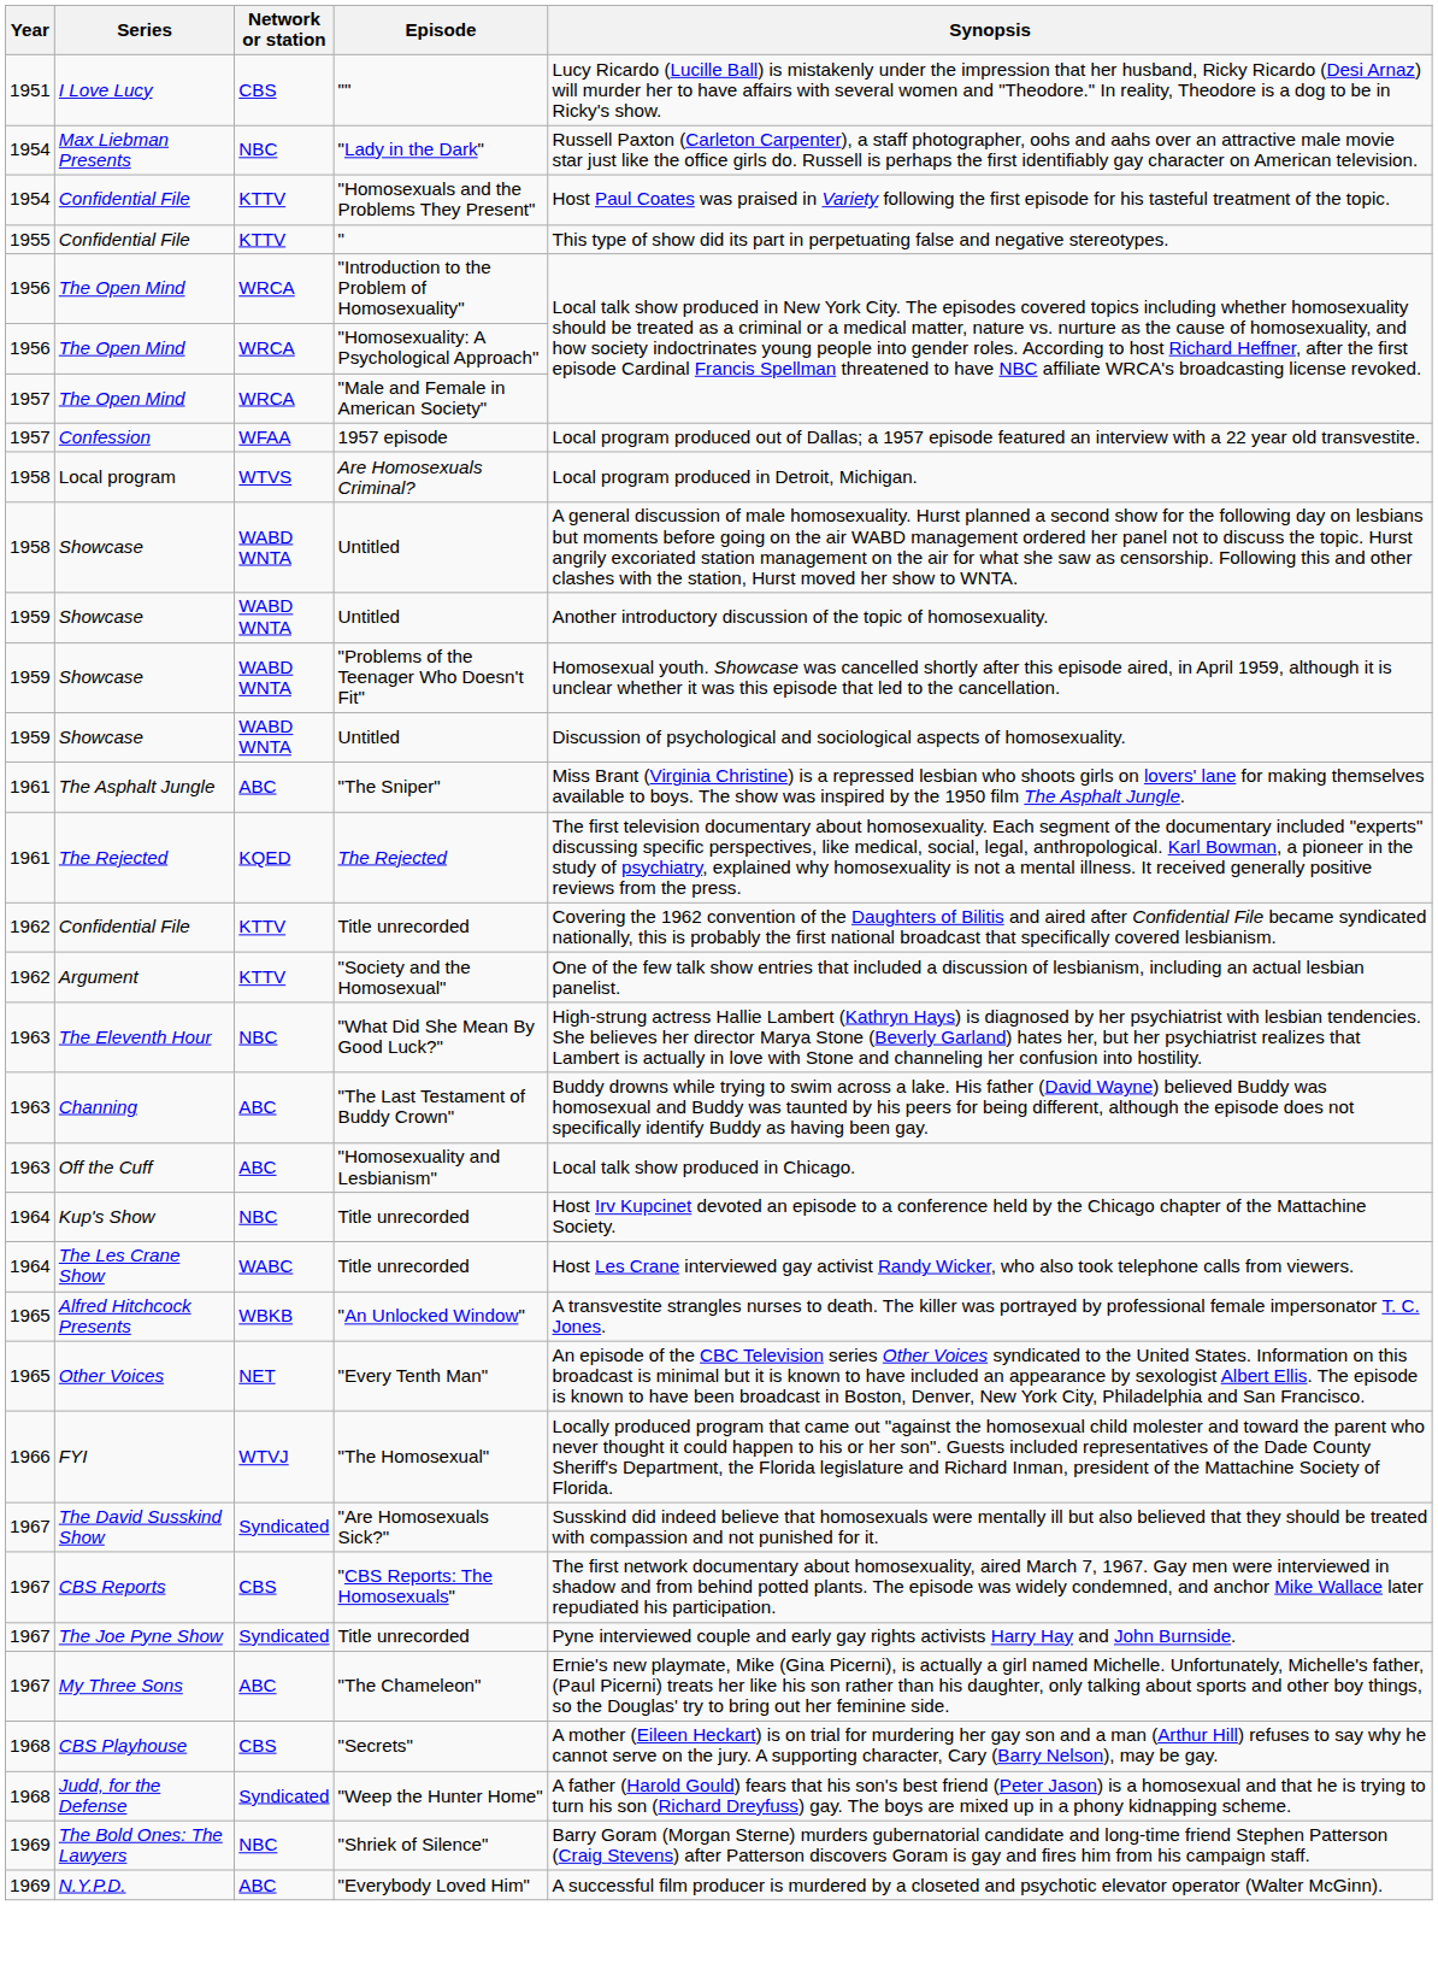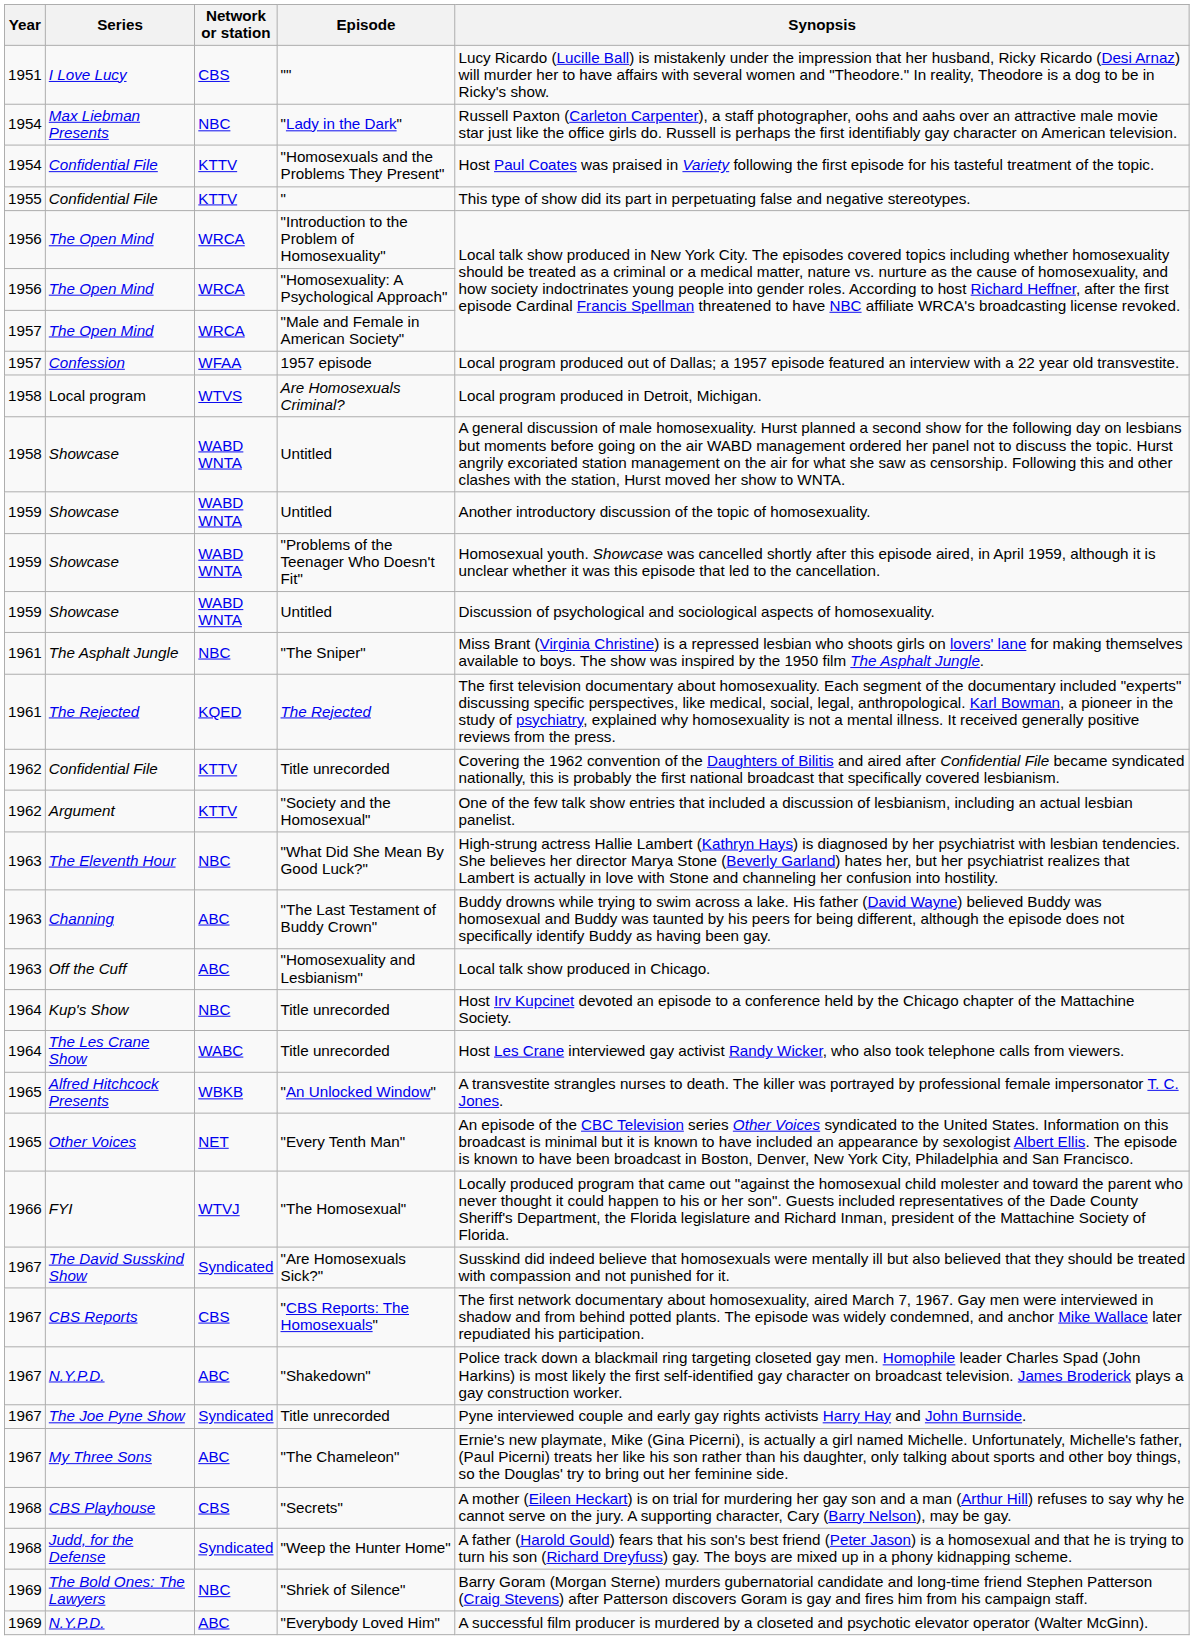 <table class="sortable wikitable" style="margins:auto; width=95%;">
 <tr>
 <th width="30">Year</th>
 <th width="150">Series</th>
 <th width="60">Network <br> or station</th>
 <th width="180">Episode</th>
 <th class="unsortable">Synopsis</th>
 </tr>
 <tr>
 <td align=center>1951</td>
 <td><em><a href='#'>I Love Lucy</a></em></td>
 <td><a href='#'>CBS</a></td>
 <td>""</td>
 <td>Lucy Ricardo (<a href='#'>Lucille Ball</a>) is mistakenly under the impression that her husband, Ricky Ricardo (<a href='#'>Desi Arnaz</a>) will murder her to have affairs with several women and "Theodore." In reality, Theodore is a dog to be in Ricky's show.</td>
 </tr>
 <tr>
 <td align=center>1954</td>
 <td><em><a href='#'>Max Liebman Presents</a></em></td>
 <td><a href='#'>NBC</a></td>
 <td>"<a href='#'>Lady in the Dark</a>"</td>
 <td>Russell Paxton (<a href='#'>Carleton Carpenter</a>), a staff photographer, oohs and aahs over an attractive male movie star just like the office girls do. Russell is perhaps the first identifiably gay character on American television.</td>
 </tr>
 <tr>
 <td align=center>1954</td>
 <td><em><a href='#'>Confidential File</a></em></td>
 <td><a href='#'>KTTV</a></td>
 <td>"Homosexuals and the Problems They Present"</td>
 <td>Host <a href='#'>Paul Coates</a> was praised in <em><a href='#'>Variety</a></em> following the first episode for his tasteful treatment of the topic.</td>
 </tr>
 <tr>
 <td align=center>1955</td>
 <td><em>Confidential File</em></td>
 <td><a href='#'>KTTV</a></td>
 <td>"</td>
 <td>This type of show did its part in perpetuating false and negative stereotypes.</td>
 </tr>
 <tr>
 <td align=center>1956</td>
 <td><em><a href='#'>The Open Mind</a></em></td>
 <td><a href='#'>WRCA</a></td>
 <td>"Introduction to the Problem of Homosexuality"</td>
 <td rowspan="3">Local talk show produced in New York City. The episodes covered topics including whether homosexuality should be treated as a criminal or a medical matter, nature vs. nurture as the cause of homosexuality, and how society indoctrinates young people into gender roles. According to host <a href='#'>Richard Heffner</a>, after the first episode Cardinal <a href='#'>Francis Spellman</a> threatened to have <a href='#'>NBC</a> affiliate WRCA's broadcasting license revoked.</td>
 </tr>
 <tr>
 <td align=center>1956</td>
 <td><em><a href='#'>The Open Mind</a></em></td>
 <td><a href='#'>WRCA</a></td>
 <td>"Homosexuality: A Psychological Approach"</td>
 </tr>
 <tr>
 <td align=center>1957</td>
 <td><em><a href='#'>The Open Mind</a></em></td>
 <td><a href='#'>WRCA</a></td>
 <td>"Male and Female in American Society"</td>
 </tr>
 <tr>
 <td align=center>1957</td>
 <td><em><a href='#'>Confession</a></em></td>
 <td><a href='#'>WFAA</a></td>
 <td>1957 episode</td>
 <td>Local program produced out of Dallas; a 1957 episode featured an interview with a 22 year old transvestite.</td>
 </tr>
 <tr>
 <td align=center>1958</td>
 <td>Local program</td>
 <td><a href='#'>WTVS</a></td>
 <td><em>Are Homosexuals Criminal?</em></td>
 <td>Local program produced in Detroit, Michigan.</td>
 </tr>
 <tr>
 <td align=center>1958</td>
 <td><em>Showcase</em></td>
 <td><a href='#'>WABD</a> <br> <a href='#'>WNTA</a></td>
 <td>Untitled</td>
 <td>A general discussion of male homosexuality. Hurst planned a second show for the following day on lesbians but moments before going on the air WABD management ordered her panel not to discuss the topic. Hurst angrily excoriated station management on the air for what she saw as censorship. Following this and other clashes with the station, Hurst moved her show to WNTA.</td>
 </tr>
 <tr>
 <td align=center>1959</td>
 <td><em>Showcase</em></td>
 <td><a href='#'>WABD</a> <br> <a href='#'>WNTA</a></td>
 <td>Untitled</td>
 <td>Another introductory discussion of the topic of homosexuality.</td>
 </tr>
 <tr>
 <td align=center>1959</td>
 <td><em>Showcase</em></td>
 <td><a href='#'>WABD</a> <br> <a href='#'>WNTA</a></td>
 <td>"Problems of the Teenager Who Doesn't Fit"</td>
 <td>Homosexual youth. <em>Showcase</em> was cancelled shortly after this episode aired, in April 1959, although it is unclear whether it was this episode that led to the cancellation.</td>
 </tr>
 <tr>
 <td align=center>1959</td>
 <td><em>Showcase</em></td>
 <td><a href='#'>WABD</a> <br> <a href='#'>WNTA</a></td>
 <td>Untitled</td>
 <td>Discussion of psychological and sociological aspects of homosexuality.</td>
 </tr>
 <tr>
 <td align=center>1961</td>
 <td><em>The Asphalt Jungle</em></td>
-<td><a href='#'>ABC</a></td>
+<td><a href='#'>NBC</a></td>
 <td>"The Sniper"</td>
 <td>Miss Brant (<a href='#'>Virginia Christine</a>) is a repressed lesbian who shoots girls on <a href='#'>lovers' lane</a> for making themselves available to boys.  The show was inspired by the 1950 film <em><a href='#'>The Asphalt Jungle</a></em>.</td>
 </tr>
 <tr>
 <td align=center>1961</td>
 <td><em><a href='#'>The Rejected</a></em></td>
 <td><a href='#'>KQED</a></td>
 <td><em><a href='#'>The Rejected</a></em></td>
 <td>The first television documentary about homosexuality. Each segment of the documentary included "experts" discussing specific perspectives, like medical, social, legal, anthropological. <a href='#'>Karl Bowman</a>, a pioneer in the study of <a href='#'>psychiatry</a>, explained why homosexuality is not a mental illness. It received generally positive reviews from the press.</td>
 </tr>
 <tr>
 <td align=center>1962</td>
 <td><em>Confidential File</em></td>
 <td><a href='#'>KTTV</a></td>
 <td>Title unrecorded</td>
 <td>Covering the 1962 convention of the <a href='#'>Daughters of Bilitis</a> and aired after <em>Confidential File</em> became syndicated nationally, this is probably the first national broadcast that specifically covered lesbianism.</td>
 </tr>
 <tr>
 <td align=center>1962</td>
 <td><em>Argument</em></td>
 <td><a href='#'>KTTV</a></td>
 <td>"Society and the Homosexual"</td>
 <td>One of the few talk show entries that included a discussion of lesbianism, including an actual lesbian panelist.</td>
 </tr>
 <tr>
 <td align=center>1963</td>
 <td><em><a href='#'>The Eleventh Hour</a></em></td>
 <td><a href='#'>NBC</a></td>
 <td>"What Did She Mean By Good Luck?"</td>
 <td>High-strung actress Hallie Lambert (<a href='#'>Kathryn Hays</a>) is diagnosed by her psychiatrist with lesbian tendencies. She believes her director Marya Stone (<a href='#'>Beverly Garland</a>) hates her, but her psychiatrist realizes that Lambert is actually in love with Stone and channeling her confusion into hostility.</td>
 </tr>
 <tr>
 <td align=center>1963</td>
 <td><em><a href='#'>Channing</a></em></td>
 <td><a href='#'>ABC</a></td>
 <td>"The Last Testament of Buddy Crown"</td>
 <td>Buddy drowns while trying to swim across a lake. His father (<a href='#'>David Wayne</a>) believed Buddy was homosexual and Buddy was taunted by his peers for being different, although the episode does not specifically identify Buddy as having been gay.</td>
 </tr>
 <tr>
 <td align=center>1963</td>
 <td><em>Off the Cuff</em></td>
 <td><a href='#'>ABC</a></td>
 <td>"Homosexuality and Lesbianism"</td>
 <td>Local talk show produced in Chicago.</td>
 </tr>
 <tr>
 <td align=center>1964</td>
 <td><em>Kup's Show</em></td>
 <td><a href='#'>NBC</a></td>
 <td>Title unrecorded</td>
 <td>Host <a href='#'>Irv Kupcinet</a> devoted an episode to a conference held by the Chicago chapter of the Mattachine Society.</td>
 </tr>
 <tr>
 <td align=center>1964</td>
 <td><em><a href='#'>The Les Crane Show</a></em></td>
 <td><a href='#'>WABC</a></td>
 <td>Title unrecorded</td>
 <td>Host <a href='#'>Les Crane</a> interviewed gay activist <a href='#'>Randy Wicker</a>, who also took telephone calls from viewers.</td>
 </tr>
 <tr>
 <td align=center>1965</td>
 <td><em><a href='#'>Alfred Hitchcock Presents</a></em></td>
 <td><a href='#'>WBKB</a></td>
 <td>"<a href='#'>An Unlocked Window</a>"</td>
 <td>A transvestite strangles nurses to death. The killer was portrayed by professional female impersonator <a href='#'>T. C. Jones</a>.</td>
 </tr>
 <tr>
 <td align=center>1965</td>
 <td><em><a href='#'>Other Voices</a></em></td>
 <td><a href='#'>NET</a></td>
 <td>"Every Tenth Man"</td>
 <td>An episode of the <a href='#'>CBC Television</a> series <em><a href='#'>Other Voices</a></em> syndicated to the United States. Information on this broadcast is minimal but it is known to have included an appearance by sexologist <a href='#'>Albert Ellis</a>. The episode is known to have been broadcast in Boston, Denver, New York City, Philadelphia and San Francisco.</td>
 </tr>
 <tr>
 <td align=center>1966</td>
 <td><em>FYI</em></td>
 <td><a href='#'>WTVJ</a></td>
 <td>"The Homosexual"</td>
 <td>Locally produced program that came out "against the homosexual child molester and toward the parent who never thought it could happen to his or her son". Guests included representatives of the Dade County Sheriff's Department, the Florida legislature and Richard Inman, president of the Mattachine Society of Florida.</td>
 </tr>
 <tr>
 <td align=center>1967</td>
 <td><em><a href='#'>The David Susskind Show</a></em></td>
 <td><a href='#'>Syndicated</a></td>
 <td>"Are Homosexuals Sick?"</td>
 <td>Susskind did indeed believe that homosexuals were mentally ill but also believed that they should be treated with compassion and not punished for it.</td>
 </tr>
 <tr>
 <td align=center>1967</td>
 <td><em><a href='#'>CBS Reports</a></em></td>
 <td><a href='#'>CBS</a></td>
 <td>"<a href='#'>CBS Reports: The Homosexuals</a>"</td>
 <td>The first network documentary about homosexuality, aired March 7, 1967. Gay men were interviewed in shadow and from behind potted plants. The episode was widely condemned, and anchor <a href='#'>Mike Wallace</a> later repudiated his participation.</td>
 </tr>
 <tr>
 <td align=center>1967</td>
+<td><em><a href='#'>N.Y.P.D.</a></em></td>
+<td><a href='#'>ABC</a></td>
+<td>"Shakedown"</td>
+<td>Police track down a blackmail ring targeting closeted gay men. <a href='#'>Homophile</a> leader Charles Spad (John Harkins) is most likely the first self-identified gay character on broadcast television. <a href='#'>James Broderick</a> plays a gay construction worker.</td>
+</tr>
+<tr>
+<td align=center>1967</td>
 <td><em><a href='#'>The Joe Pyne Show</a></em></td>
 <td><a href='#'>Syndicated</a></td>
 <td>Title unrecorded</td>
 <td>Pyne interviewed couple and early gay rights activists <a href='#'>Harry Hay</a> and <a href='#'>John Burnside</a>.</td>
 </tr>
 <tr>
 <td align=center>1967</td>
 <td><em><a href='#'>My Three Sons</a></em></td>
 <td><a href='#'>ABC</a></td>
 <td>"The Chameleon"</td>
 <td>Ernie's new playmate, Mike (Gina Picerni), is actually a girl named Michelle. Unfortunately, Michelle's father, (Paul Picerni) treats her like his son rather than his daughter, only talking about sports and other boy things, so the Douglas' try to bring out her feminine side.</td>
 </tr>
 <tr>
 <td align=center>1968</td>
 <td><em><a href='#'>CBS Playhouse</a></em></td>
 <td><a href='#'>CBS</a></td>
 <td>"Secrets"</td>
 <td>A mother (<a href='#'>Eileen Heckart</a>) is on trial for murdering her gay son and a man (<a href='#'>Arthur Hill</a>) refuses to say why he cannot serve on the jury. A supporting character, Cary (<a href='#'>Barry Nelson</a>), may be gay.</td>
 </tr>
 <tr>
 <td align=center>1968</td>
 <td><em><a href='#'>Judd, for the Defense</a></em></td>
 <td><a href='#'>Syndicated</a></td>
 <td>"Weep the Hunter Home"</td>
 <td>A father (<a href='#'>Harold Gould</a>) fears that his son's best friend (<a href='#'>Peter Jason</a>) is a homosexual and that he is trying to turn his son (<a href='#'>Richard Dreyfuss</a>) gay. The boys are mixed up in a phony kidnapping scheme.</td>
 </tr>
 <tr>
 <td align=center>1969</td>
 <td><em><a href='#'>The Bold Ones: The Lawyers</a></em></td>
 <td><a href='#'>NBC</a></td>
 <td>"Shriek of Silence"</td>
 <td>Barry Goram (Morgan Sterne) murders gubernatorial candidate and long-time friend Stephen Patterson (<a href='#'>Craig Stevens</a>) after Patterson discovers Goram is gay and fires him from his campaign staff.</td>
 </tr>
 <tr>
 <td align=center>1969</td>
 <td><em><a href='#'>N.Y.P.D.</a></em></td>
 <td><a href='#'>ABC</a></td>
 <td>"Everybody Loved Him"</td>
 <td>A successful film producer is murdered by a closeted and psychotic elevator operator (Walter McGinn).</td>
 </tr>
 </table>
